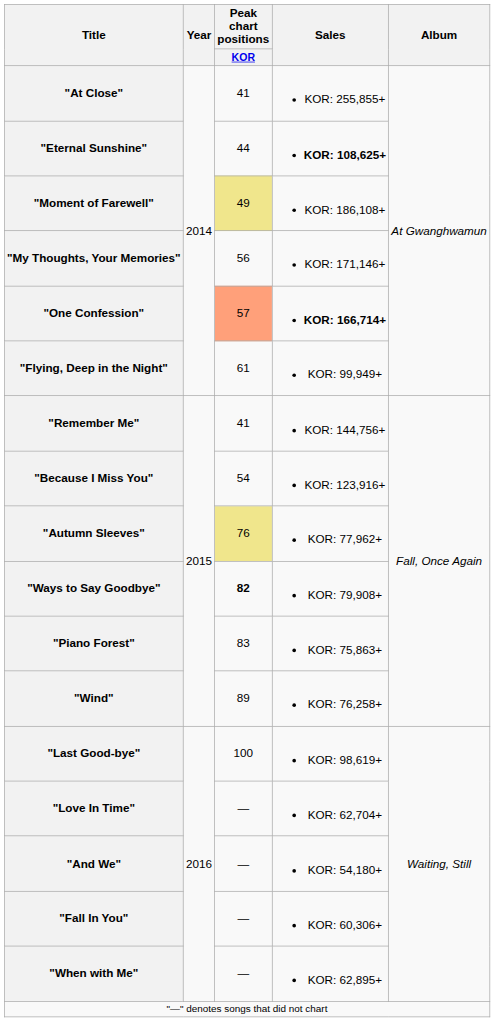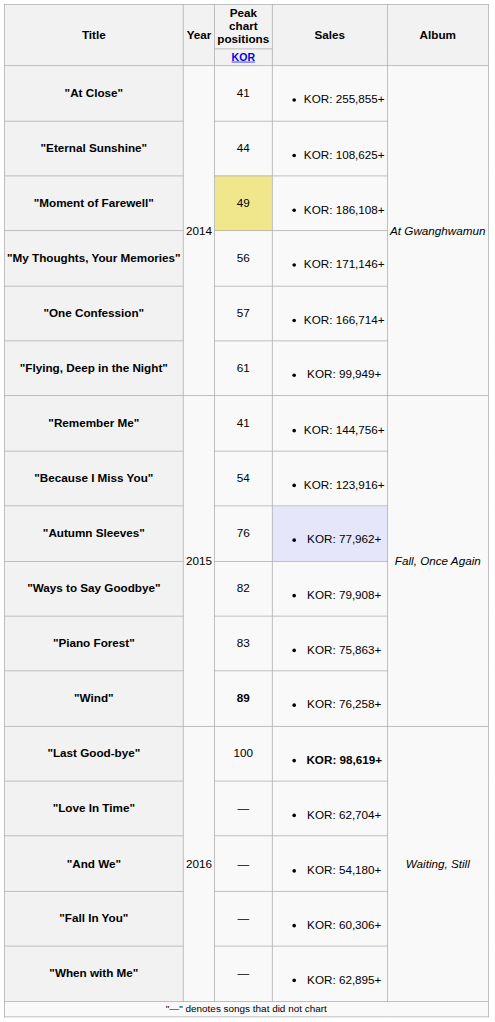 <table class="wikitable plainrowheaders" style="text-align:center;">
 <tr>
 <th scope=col rowspan=2>Title</th>
 <th scope=col rowspan=2>Year</th>
 <th scope=col colspan=1>Peak<br>chart<br>positions</th>
 <th scope=col rowspan=2>Sales</th>
 <th scope=col rowspan=2>Album</th>
 </tr>
 <tr>
 <th style="width:3em;font-size:90%;"><a href='#'>KOR</a><br></th>
 </tr>
 <tr>
 <th scope=row>"At Close" </th>
 <td rowspan=6>2014</td>
 <td>41</td>
 <td><br><ul><li>KOR: 255,855+</li></ul></td>
 <td rowspan=6><em>At Gwanghwamun</em></td>
 </tr>
 <tr>
 <th scope="row">"Eternal Sunshine"</th>
 <td>44</td>
-<td><strong><br><ul><li>KOR: 108,625+</li></ul></strong></td>
+<td><br><ul><li>KOR: 108,625+</li></ul></td>
 </tr>
 <tr>
 <th scope="row">"Moment of Farewell" </th>
 <td style="background: khaki;">49</td>
 <td><br><ul><li>KOR: 186,108+</li></ul></td>
 </tr>
 <tr>
 <th scope="row">"My Thoughts, Your Memories" </th>
 <td>56</td>
 <td><br><ul><li>KOR: 171,146+</li></ul></td>
 </tr>
 <tr>
 <th scope="row">"One Confession" </th>
-<td style="background: lightsalmon;">57</td>
-<td><strong><br><ul><li>KOR: 166,714+</li></ul></strong></td>
+<td>57</td>
+<td><br><ul><li>KOR: 166,714+</li></ul></td>
 </tr>
 <tr>
 <th scope="row">"Flying, Deep in the Night" </th>
 <td>61</td>
 <td><br><ul><li>KOR: 99,949+</li></ul></td>
 </tr>
 <tr>
 <th scope="row">"Remember Me" </th>
 <td rowspan=6>2015</td>
 <td>41</td>
 <td><br><ul><li>KOR: 144,756+</li></ul></td>
 <td rowspan=6><em>Fall, Once Again</em></td>
 </tr>
 <tr>
 <th scope="row">"Because I Miss You" </th>
 <td>54</td>
 <td><br><ul><li>KOR: 123,916+</li></ul></td>
 </tr>
 <tr>
 <th scope="row">"Autumn Sleeves" </th>
-<td style="background: khaki;">76</td>
-<td><br><ul><li>KOR: 77,962+</li></ul></td>
+<td>76</td>
+<td style="background: lavender;"><br><ul><li>KOR: 77,962+</li></ul></td>
 </tr>
 <tr>
 <th scope="row">"Ways to Say Goodbye" </th>
-<td><strong>82</strong></td>
+<td>82</td>
 <td><br><ul><li>KOR: 79,908+</li></ul></td>
 </tr>
 <tr>
 <th scope="row">"Piano Forest" </th>
 <td>83</td>
 <td><br><ul><li>KOR: 75,863+</li></ul></td>
 </tr>
 <tr>
 <th scope="row">"Wind" </th>
-<td>89</td>
+<td><strong>89</strong></td>
 <td><br><ul><li>KOR: 76,258+</li></ul></td>
 </tr>
 <tr>
 <th scope="row">"Last Good-bye" </th>
 <td rowspan=5>2016</td>
 <td>100</td>
-<td><br><ul><li>KOR: 98,619+</li></ul></td>
+<td><strong><br><ul><li>KOR: 98,619+</li></ul></strong></td>
 <td rowspan=5><em>Waiting, Still</em></td>
 </tr>
 <tr>
 <th scope="row">"Love In Time" </th>
 <td>—</td>
 <td><br><ul><li>KOR: 62,704+</li></ul></td>
 </tr>
 <tr>
 <th scope="row">"And We" </th>
 <td>—</td>
 <td><br><ul><li>KOR: 54,180+</li></ul></td>
 </tr>
 <tr>
 <th scope="row">"Fall In You" </th>
 <td>—</td>
 <td><br><ul><li>KOR: 60,306+</li></ul></td>
 </tr>
 <tr>
 <th scope="row">"When with Me" </th>
 <td>—</td>
 <td><br><ul><li>KOR: 62,895+</li></ul></td>
 </tr>
 <tr>
 <td colspan="9" style="font-size:85%;">"—" denotes songs that did not chart</td>
 </tr>
 </table>
